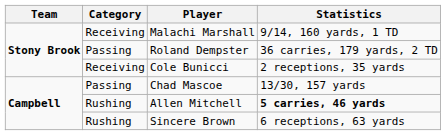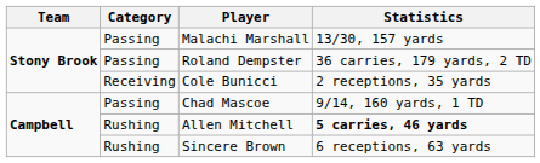 <table class="wikitable" style="float: right;">
 <tr>
 <th>Team</th>
 <th>Category</th>
 <th>Player</th>
 <th>Statistics</th>
 </tr>
 <tr>
 <td rowspan=3><strong>Stony Brook</strong></td>
-<td>Receiving</td>
+<td>Passing</td>
 <td>Malachi Marshall</td>
-<td>9/14, 160 yards, 1 TD</td>
+<td>13/30, 157 yards</td>
 </tr>
 <tr>
 <td>Passing</td>
 <td>Roland Dempster</td>
 <td>36 carries, 179 yards, 2 TD</td>
 </tr>
 <tr>
 <td>Receiving</td>
 <td>Cole Bunicci</td>
 <td>2 receptions, 35 yards</td>
 </tr>
 <tr>
 <td rowspan=3><strong>Campbell</strong></td>
 <td>Passing</td>
 <td>Chad Mascoe</td>
-<td>13/30, 157 yards</td>
+<td>9/14, 160 yards, 1 TD</td>
 </tr>
 <tr>
 <td>Rushing</td>
 <td>Allen Mitchell</td>
 <td><strong>5 carries, 46 yards</strong></td>
 </tr>
 <tr>
 <td>Rushing</td>
 <td>Sincere Brown</td>
 <td>6 receptions, 63 yards</td>
 </tr>
 </table>
